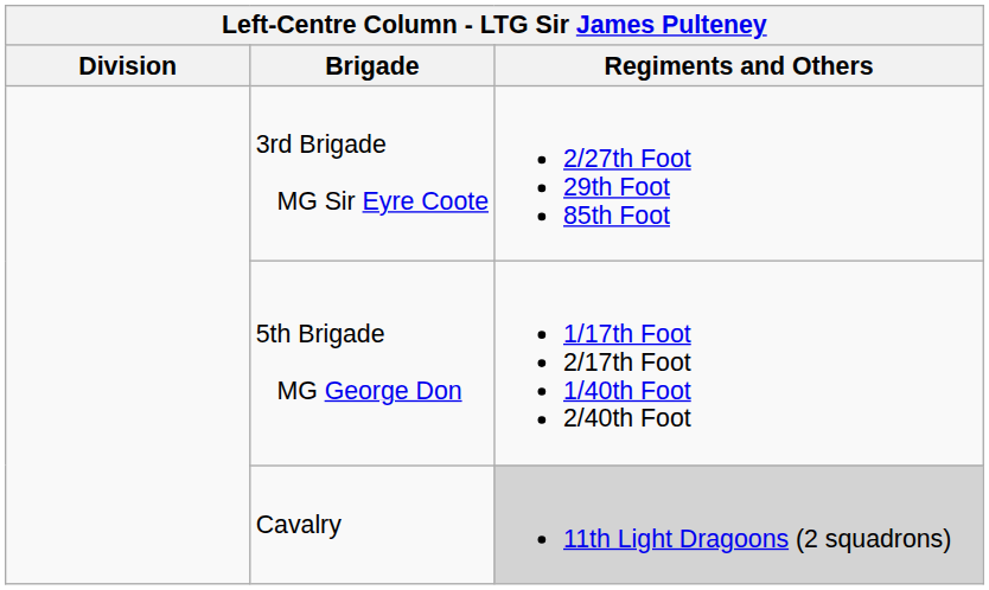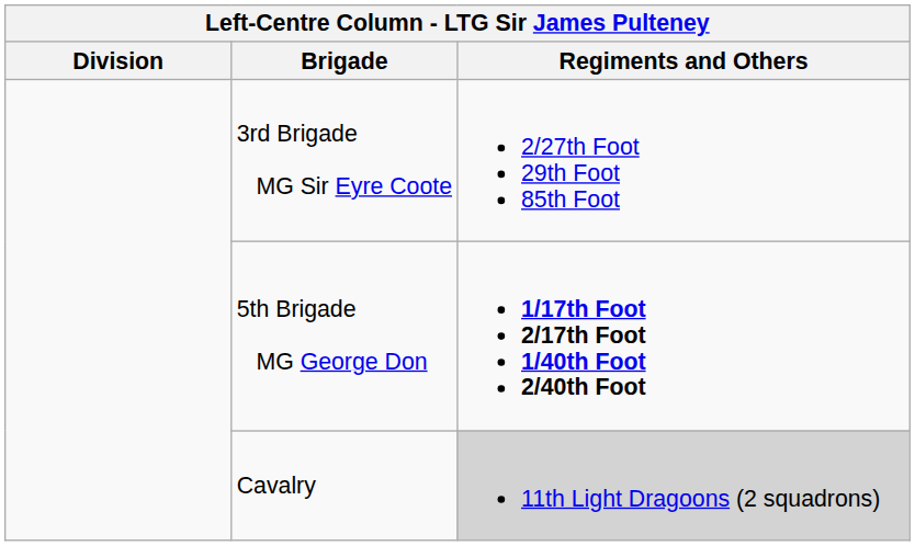 <table class="wikitable">
 <tr valign="top">
 <th colspan="9" bgcolor="white"><strong>Left-Centre Column</strong> - LTG Sir <a href='#'>James Pulteney</a></th>
 </tr>
 <tr>
 <th width=25%>Division</th>
 <th width=25%>Brigade</th>
 <th>Regiments and Others</th>
 </tr>
 <tr>
 <td rowspan=3></td>
 <td>3rd Brigade<br><br>   MG Sir <a href='#'>Eyre Coote</a></td>
 <td><br><ul><li><a href='#'>2/27th Foot</a></li><li><a href='#'>29th Foot</a></li><li><a href='#'>85th Foot</a></li></ul></td>
 </tr>
 <tr>
 <td>5th Brigade<br><br>   MG <a href='#'>George Don</a></td>
-<td><br><ul><li><a href='#'>1/17th Foot</a></li><li>2/17th Foot</li><li><a href='#'>1/40th Foot</a></li><li>2/40th Foot</li></ul></td>
+<td><strong><br><ul><li><a href='#'>1/17th Foot</a></li><li>2/17th Foot</li><li><a href='#'>1/40th Foot</a></li><li>2/40th Foot</li></ul></strong></td>
 </tr>
 <tr>
 <td>Cavalry</td>
 <td style="background: lightgrey;"><br><ul><li><a href='#'>11th Light Dragoons</a> (2 squadrons)</li></ul></td>
 </tr>
 </table>
